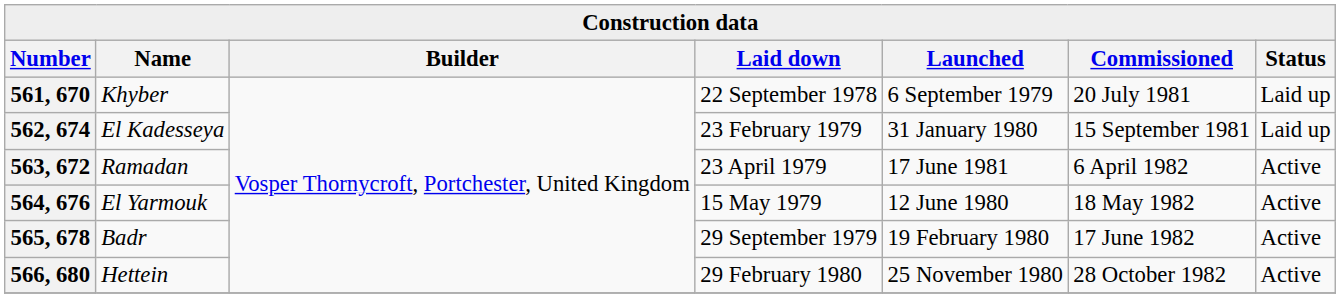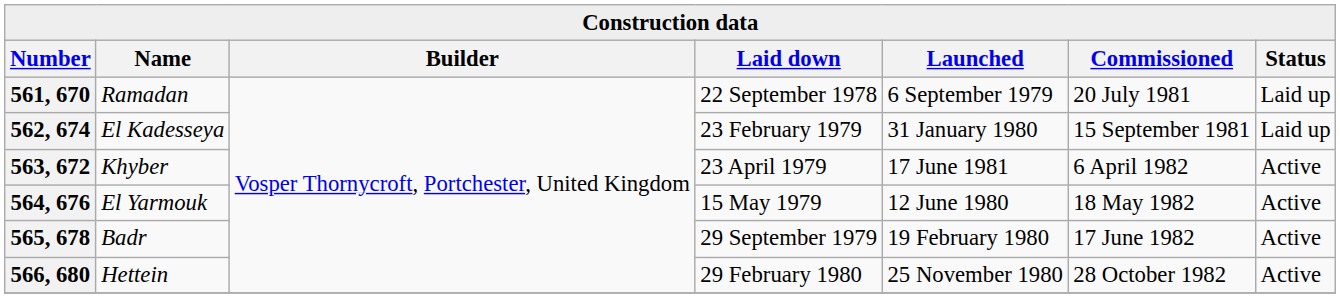 <table class="wikitable  plainrowheaders">
 <tr>
 <th colspan="7" style="background:#eee;" align="center">Construction data</th>
 </tr>
 <tr>
 <th scope="col"><a href='#'>Number</a></th>
 <th scope="col">Name</th>
 <th scope="col">Builder</th>
 <th scope="col"><a href='#'>Laid down</a></th>
 <th scope="col"><a href='#'>Launched</a></th>
 <th scope="col"><a href='#'>Commissioned</a></th>
 <th scope="col">Status</th>
 </tr>
 <tr>
 <th scope="row">561, 670</th>
-<td><em>Khyber</em></td>
+<td><em>Ramadan</em></td>
 <td rowspan="6" align="center"><a href='#'>Vosper Thornycroft</a>, <a href='#'>Portchester</a>, United Kingdom</td>
 <td>22 September 1978</td>
 <td>6 September 1979</td>
 <td>20 July 1981</td>
 <td>Laid up</td>
 </tr>
 <tr>
 <th scope="row">562, 674</th>
 <td><em>El Kadesseya</em></td>
 <td>23 February 1979</td>
 <td>31 January 1980</td>
 <td>15 September 1981</td>
 <td>Laid up</td>
 </tr>
 <tr>
 <th scope="row">563, 672</th>
-<td><em>Ramadan</em></td>
+<td><em>Khyber</em></td>
 <td>23 April 1979</td>
 <td>17 June 1981</td>
 <td>6 April 1982</td>
 <td>Active</td>
 </tr>
 <tr>
 <th scope="row">564, 676</th>
 <td><em>El Yarmouk</em></td>
 <td>15 May 1979</td>
 <td>12 June 1980</td>
 <td>18 May 1982</td>
 <td>Active</td>
 </tr>
 <tr>
 <th scope="row">565, 678</th>
 <td><em>Badr</em></td>
 <td>29 September 1979</td>
 <td>19 February 1980</td>
 <td>17 June 1982</td>
 <td>Active</td>
 </tr>
 <tr>
 <th scope="row">566, 680</th>
 <td><em>Hettein</em></td>
 <td>29 February 1980</td>
 <td>25 November 1980</td>
 <td>28 October 1982</td>
 <td>Active</td>
 </tr>
 <tr>
 </tr>
 </table>
